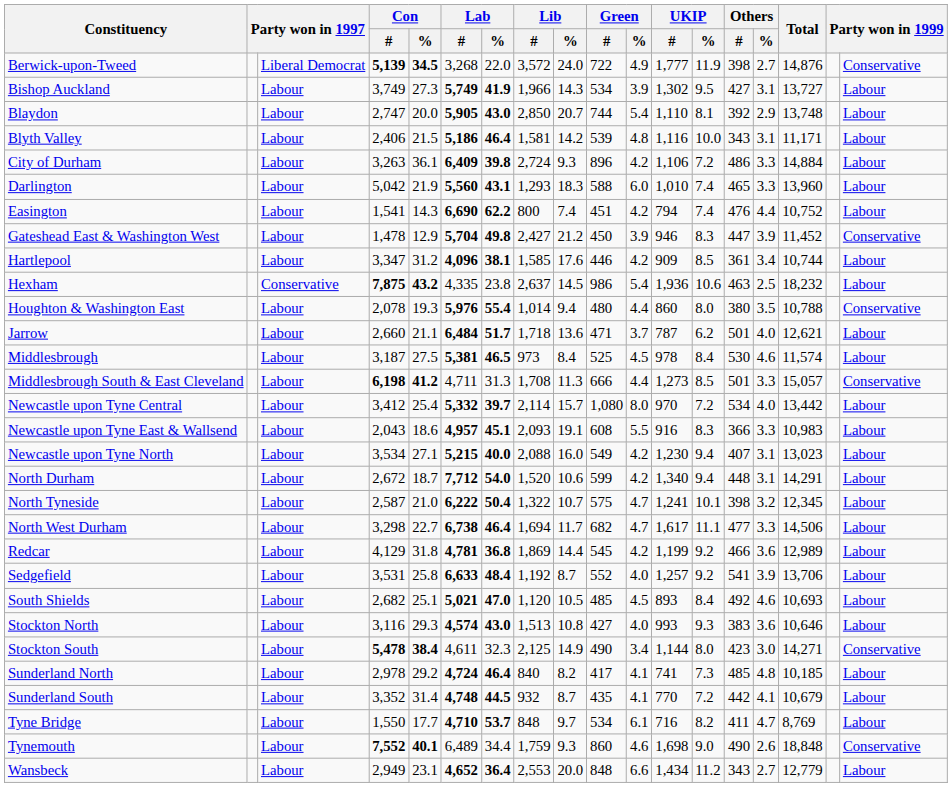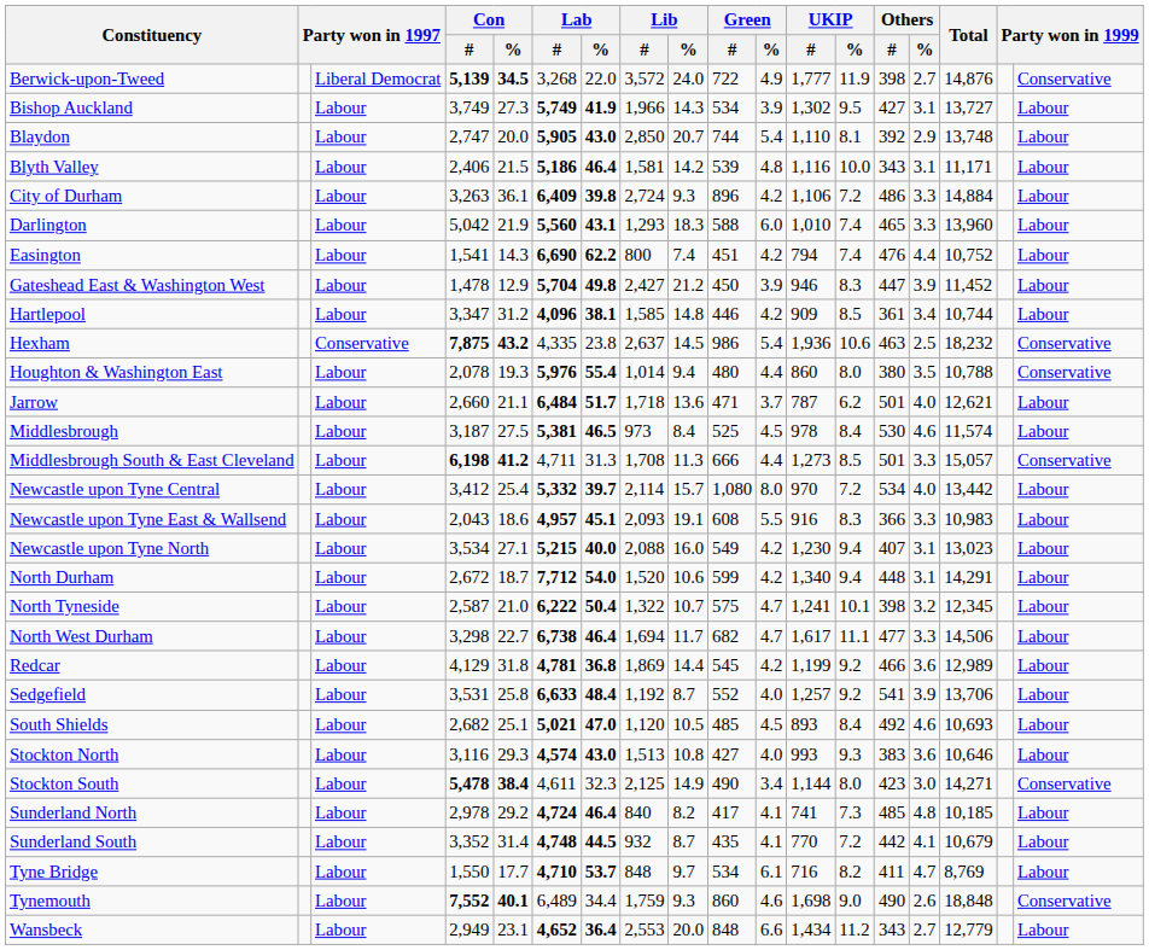 <table class="wikitable sortable" style="font-size: 95%;">
 <tr>
 <th rowspan="2">Constituency</th>
 <th colspan="2" rowspan="2">Party won in <a href='#'>1997</a></th>
 <th colspan="2"><a href='#'>Con</a></th>
 <th colspan="2"><a href='#'>Lab</a></th>
 <th colspan="2"><a href='#'>Lib</a></th>
 <th colspan="2"><a href='#'>Green</a></th>
 <th colspan="2"><a href='#'>UKIP</a></th>
 <th colspan="2">Others</th>
 <th rowspan="2">Total</th>
 <th colspan="2" rowspan="2">Party won in <a href='#'>1999</a></th>
 </tr>
 <tr>
 <th>#</th>
 <th>%</th>
 <th>#</th>
 <th>%</th>
 <th>#</th>
 <th>%</th>
 <th>#</th>
 <th>%</th>
 <th>#</th>
 <th>%</th>
 <th>#</th>
 <th>%</th>
 </tr>
 <tr>
 <td><a href='#'>Berwick-upon-Tweed</a></td>
 <td style="color:inherit;background:"></td>
 <td><a href='#'>Liberal Democrat</a></td>
 <td><strong>5,139</strong></td>
 <td><strong>34.5</strong></td>
 <td>3,268</td>
 <td>22.0</td>
 <td>3,572</td>
 <td>24.0</td>
 <td>722</td>
 <td>4.9</td>
 <td>1,777</td>
 <td>11.9</td>
 <td>398</td>
 <td>2.7</td>
 <td>14,876</td>
 <td style="color:inherit;background:"> </td>
 <td><a href='#'>Conservative</a></td>
 </tr>
 <tr>
 <td><a href='#'>Bishop Auckland</a></td>
 <td style="color:inherit;background:"> </td>
 <td><a href='#'>Labour</a></td>
 <td>3,749</td>
 <td>27.3</td>
 <td><strong>5,749</strong></td>
 <td><strong>41.9</strong></td>
 <td>1,966</td>
 <td>14.3</td>
 <td>534</td>
 <td>3.9</td>
 <td>1,302</td>
 <td>9.5</td>
 <td>427</td>
 <td>3.1</td>
 <td>13,727</td>
 <td style="color:inherit;background:"> </td>
 <td><a href='#'>Labour</a></td>
 </tr>
 <tr>
 <td><a href='#'>Blaydon</a></td>
 <td style="color:inherit;background:"> </td>
 <td><a href='#'>Labour</a></td>
 <td>2,747</td>
 <td>20.0</td>
 <td><strong>5,905</strong></td>
 <td><strong>43.0</strong></td>
 <td>2,850</td>
 <td>20.7</td>
 <td>744</td>
 <td>5.4</td>
 <td>1,110</td>
 <td>8.1</td>
 <td>392</td>
 <td>2.9</td>
 <td>13,748</td>
 <td style="color:inherit;background:"> </td>
 <td><a href='#'>Labour</a></td>
 </tr>
 <tr>
 <td><a href='#'>Blyth Valley</a></td>
 <td style="color:inherit;background:"> </td>
 <td><a href='#'>Labour</a></td>
 <td>2,406</td>
 <td>21.5</td>
 <td><strong>5,186</strong></td>
 <td><strong>46.4</strong></td>
 <td>1,581</td>
 <td>14.2</td>
 <td>539</td>
 <td>4.8</td>
 <td>1,116</td>
 <td>10.0</td>
 <td>343</td>
 <td>3.1</td>
 <td>11,171</td>
 <td style="color:inherit;background:"> </td>
 <td><a href='#'>Labour</a></td>
 </tr>
 <tr>
 <td><a href='#'>City of Durham</a></td>
 <td style="color:inherit;background:"> </td>
 <td><a href='#'>Labour</a></td>
 <td>3,263</td>
 <td>36.1</td>
 <td><strong>6,409</strong></td>
 <td><strong>39.8</strong></td>
 <td>2,724</td>
 <td>9.3</td>
 <td>896</td>
 <td>4.2</td>
 <td>1,106</td>
 <td>7.2</td>
 <td>486</td>
 <td>3.3</td>
 <td>14,884</td>
 <td style="color:inherit;background:"> </td>
 <td><a href='#'>Labour</a></td>
 </tr>
 <tr>
 <td><a href='#'>Darlington</a></td>
 <td style="color:inherit;background:"> </td>
 <td><a href='#'>Labour</a></td>
 <td>5,042</td>
 <td>21.9</td>
 <td><strong>5,560</strong></td>
 <td><strong>43.1</strong></td>
 <td>1,293</td>
 <td>18.3</td>
 <td>588</td>
 <td>6.0</td>
 <td>1,010</td>
 <td>7.4</td>
 <td>465</td>
 <td>3.3</td>
 <td>13,960</td>
 <td style="color:inherit;background:"> </td>
 <td><a href='#'>Labour</a></td>
 </tr>
 <tr>
 <td><a href='#'>Easington</a></td>
 <td style="color:inherit;background:"> </td>
 <td><a href='#'>Labour</a></td>
 <td>1,541</td>
 <td>14.3</td>
 <td><strong>6,690</strong></td>
 <td><strong>62.2</strong></td>
 <td>800</td>
 <td>7.4</td>
 <td>451</td>
 <td>4.2</td>
 <td>794</td>
 <td>7.4</td>
 <td>476</td>
 <td>4.4</td>
 <td>10,752</td>
 <td style="color:inherit;background:"> </td>
 <td><a href='#'>Labour</a></td>
 </tr>
 <tr>
 <td><a href='#'>Gateshead East & Washington West</a></td>
 <td style="color:inherit;background:"> </td>
 <td><a href='#'>Labour</a></td>
 <td>1,478</td>
 <td>12.9</td>
 <td><strong>5,704</strong></td>
 <td><strong>49.8</strong></td>
 <td>2,427</td>
 <td>21.2</td>
 <td>450</td>
 <td>3.9</td>
 <td>946</td>
 <td>8.3</td>
 <td>447</td>
 <td>3.9</td>
 <td>11,452</td>
 <td style="color:inherit;background:"> </td>
-<td><a href='#'>Conservative</a></td>
+<td><a href='#'>Labour</a></td>
 </tr>
 <tr>
 <td><a href='#'>Hartlepool</a></td>
 <td style="color:inherit;background:"> </td>
 <td><a href='#'>Labour</a></td>
 <td>3,347</td>
 <td>31.2</td>
 <td><strong>4,096</strong></td>
 <td><strong>38.1</strong></td>
 <td>1,585</td>
-<td>17.6</td>
+<td>14.8</td>
 <td>446</td>
 <td>4.2</td>
 <td>909</td>
 <td>8.5</td>
 <td>361</td>
 <td>3.4</td>
 <td>10,744</td>
 <td style="color:inherit;background:"> </td>
 <td><a href='#'>Labour</a></td>
 </tr>
 <tr>
 <td><a href='#'>Hexham</a></td>
 <td style="color:inherit;background:"> </td>
 <td><a href='#'>Conservative</a></td>
 <td><strong>7,875</strong></td>
 <td><strong>43.2</strong></td>
 <td>4,335</td>
 <td>23.8</td>
 <td>2,637</td>
 <td>14.5</td>
 <td>986</td>
 <td>5.4</td>
 <td>1,936</td>
 <td>10.6</td>
 <td>463</td>
 <td>2.5</td>
 <td>18,232</td>
 <td style="color:inherit;background:"> </td>
-<td><a href='#'>Labour</a></td>
+<td><a href='#'>Conservative</a></td>
 </tr>
 <tr>
 <td><a href='#'>Houghton & Washington East</a></td>
 <td style="color:inherit;background:"> </td>
 <td><a href='#'>Labour</a></td>
 <td>2,078</td>
 <td>19.3</td>
 <td><strong>5,976</strong></td>
 <td><strong>55.4</strong></td>
 <td>1,014</td>
 <td>9.4</td>
 <td>480</td>
 <td>4.4</td>
 <td>860</td>
 <td>8.0</td>
 <td>380</td>
 <td>3.5</td>
 <td>10,788</td>
 <td style="color:inherit;background:"> </td>
 <td><a href='#'>Conservative</a></td>
 </tr>
 <tr>
 <td><a href='#'>Jarrow</a></td>
 <td style="color:inherit;background:"> </td>
 <td><a href='#'>Labour</a></td>
 <td>2,660</td>
 <td>21.1</td>
 <td><strong>6,484</strong></td>
 <td><strong>51.7</strong></td>
 <td>1,718</td>
 <td>13.6</td>
 <td>471</td>
 <td>3.7</td>
 <td>787</td>
 <td>6.2</td>
 <td>501</td>
 <td>4.0</td>
 <td>12,621</td>
 <td style="color:inherit;background:"> </td>
 <td><a href='#'>Labour</a></td>
 </tr>
 <tr>
 <td><a href='#'>Middlesbrough</a></td>
 <td style="color:inherit;background:"> </td>
 <td><a href='#'>Labour</a></td>
 <td>3,187</td>
 <td>27.5</td>
 <td><strong>5,381</strong></td>
 <td><strong>46.5</strong></td>
 <td>973</td>
 <td>8.4</td>
 <td>525</td>
 <td>4.5</td>
 <td>978</td>
 <td>8.4</td>
 <td>530</td>
 <td>4.6</td>
 <td>11,574</td>
 <td style="color:inherit;background:"> </td>
 <td><a href='#'>Labour</a></td>
 </tr>
 <tr>
 <td><a href='#'>Middlesbrough South & East Cleveland</a></td>
 <td style="color:inherit;background:"> </td>
 <td><a href='#'>Labour</a></td>
 <td><strong>6,198</strong></td>
 <td><strong>41.2</strong></td>
 <td>4,711</td>
 <td>31.3</td>
 <td>1,708</td>
 <td>11.3</td>
 <td>666</td>
 <td>4.4</td>
 <td>1,273</td>
 <td>8.5</td>
 <td>501</td>
 <td>3.3</td>
 <td>15,057</td>
 <td style="color:inherit;background:"> </td>
 <td><a href='#'>Conservative</a></td>
 </tr>
 <tr>
 <td><a href='#'>Newcastle upon Tyne Central</a></td>
 <td style="color:inherit;background:"> </td>
 <td><a href='#'>Labour</a></td>
 <td>3,412</td>
 <td>25.4</td>
 <td><strong>5,332</strong></td>
 <td><strong>39.7</strong></td>
 <td>2,114</td>
 <td>15.7</td>
 <td>1,080</td>
 <td>8.0</td>
 <td>970</td>
 <td>7.2</td>
 <td>534</td>
 <td>4.0</td>
 <td>13,442</td>
 <td style="color:inherit;background:"> </td>
 <td><a href='#'>Labour</a></td>
 </tr>
 <tr>
 <td><a href='#'>Newcastle upon Tyne East & Wallsend</a></td>
 <td style="color:inherit;background:"> </td>
 <td><a href='#'>Labour</a></td>
 <td>2,043</td>
 <td>18.6</td>
 <td><strong>4,957</strong></td>
 <td><strong>45.1</strong></td>
 <td>2,093</td>
 <td>19.1</td>
 <td>608</td>
 <td>5.5</td>
 <td>916</td>
 <td>8.3</td>
 <td>366</td>
 <td>3.3</td>
 <td>10,983</td>
 <td style="color:inherit;background:"> </td>
 <td><a href='#'>Labour</a></td>
 </tr>
 <tr>
 <td><a href='#'>Newcastle upon Tyne North</a></td>
 <td style="color:inherit;background:"> </td>
 <td><a href='#'>Labour</a></td>
 <td>3,534</td>
 <td>27.1</td>
 <td><strong>5,215</strong></td>
 <td><strong>40.0</strong></td>
 <td>2,088</td>
 <td>16.0</td>
 <td>549</td>
 <td>4.2</td>
 <td>1,230</td>
 <td>9.4</td>
 <td>407</td>
 <td>3.1</td>
 <td>13,023</td>
 <td style="color:inherit;background:"> </td>
 <td><a href='#'>Labour</a></td>
 </tr>
 <tr>
 <td><a href='#'>North Durham</a></td>
 <td style="color:inherit;background:"> </td>
 <td><a href='#'>Labour</a></td>
 <td>2,672</td>
 <td>18.7</td>
 <td><strong>7,712</strong></td>
 <td><strong>54.0</strong></td>
 <td>1,520</td>
 <td>10.6</td>
 <td>599</td>
 <td>4.2</td>
 <td>1,340</td>
 <td>9.4</td>
 <td>448</td>
 <td>3.1</td>
 <td>14,291</td>
 <td style="color:inherit;background:"> </td>
 <td><a href='#'>Labour</a></td>
 </tr>
 <tr>
 <td><a href='#'>North Tyneside</a></td>
 <td style="color:inherit;background:"> </td>
 <td><a href='#'>Labour</a></td>
 <td>2,587</td>
 <td>21.0</td>
 <td><strong>6,222</strong></td>
 <td><strong>50.4</strong></td>
 <td>1,322</td>
 <td>10.7</td>
 <td>575</td>
 <td>4.7</td>
 <td>1,241</td>
 <td>10.1</td>
 <td>398</td>
 <td>3.2</td>
 <td>12,345</td>
 <td style="color:inherit;background:"> </td>
 <td><a href='#'>Labour</a></td>
 </tr>
 <tr>
 <td><a href='#'>North West Durham</a></td>
 <td style="color:inherit;background:"> </td>
 <td><a href='#'>Labour</a></td>
 <td>3,298</td>
 <td>22.7</td>
 <td><strong>6,738</strong></td>
 <td><strong>46.4</strong></td>
 <td>1,694</td>
 <td>11.7</td>
 <td>682</td>
 <td>4.7</td>
 <td>1,617</td>
 <td>11.1</td>
 <td>477</td>
 <td>3.3</td>
 <td>14,506</td>
 <td style="color:inherit;background:"> </td>
 <td><a href='#'>Labour</a></td>
 </tr>
 <tr>
 <td><a href='#'>Redcar</a></td>
 <td style="color:inherit;background:"> </td>
 <td><a href='#'>Labour</a></td>
 <td>4,129</td>
 <td>31.8</td>
 <td><strong>4,781</strong></td>
 <td><strong>36.8</strong></td>
 <td>1,869</td>
 <td>14.4</td>
 <td>545</td>
 <td>4.2</td>
 <td>1,199</td>
 <td>9.2</td>
 <td>466</td>
 <td>3.6</td>
 <td>12,989</td>
 <td style="color:inherit;background:"> </td>
 <td><a href='#'>Labour</a></td>
 </tr>
 <tr>
 <td><a href='#'>Sedgefield</a></td>
 <td style="color:inherit;background:"> </td>
 <td><a href='#'>Labour</a></td>
 <td>3,531</td>
 <td>25.8</td>
 <td><strong>6,633</strong></td>
 <td><strong>48.4</strong></td>
 <td>1,192</td>
 <td>8.7</td>
 <td>552</td>
 <td>4.0</td>
 <td>1,257</td>
 <td>9.2</td>
 <td>541</td>
 <td>3.9</td>
 <td>13,706</td>
 <td style="color:inherit;background:"> </td>
 <td><a href='#'>Labour</a></td>
 </tr>
 <tr>
 <td><a href='#'>South Shields</a></td>
 <td style="color:inherit;background:"> </td>
 <td><a href='#'>Labour</a></td>
 <td>2,682</td>
 <td>25.1</td>
 <td><strong>5,021</strong></td>
 <td><strong>47.0</strong></td>
 <td>1,120</td>
 <td>10.5</td>
 <td>485</td>
 <td>4.5</td>
 <td>893</td>
 <td>8.4</td>
 <td>492</td>
 <td>4.6</td>
 <td>10,693</td>
 <td style="color:inherit;background:"> </td>
 <td><a href='#'>Labour</a></td>
 </tr>
 <tr>
 <td><a href='#'>Stockton North</a></td>
 <td style="color:inherit;background:"> </td>
 <td><a href='#'>Labour</a></td>
 <td>3,116</td>
 <td>29.3</td>
 <td><strong>4,574</strong></td>
 <td><strong>43.0</strong></td>
 <td>1,513</td>
 <td>10.8</td>
 <td>427</td>
 <td>4.0</td>
 <td>993</td>
 <td>9.3</td>
 <td>383</td>
 <td>3.6</td>
 <td>10,646</td>
 <td style="color:inherit;background:"> </td>
 <td><a href='#'>Labour</a></td>
 </tr>
 <tr>
 <td><a href='#'>Stockton South</a></td>
 <td style="color:inherit;background:"> </td>
 <td><a href='#'>Labour</a></td>
 <td><strong>5,478</strong></td>
 <td><strong>38.4</strong></td>
 <td>4,611</td>
 <td>32.3</td>
 <td>2,125</td>
 <td>14.9</td>
 <td>490</td>
 <td>3.4</td>
 <td>1,144</td>
 <td>8.0</td>
 <td>423</td>
 <td>3.0</td>
 <td>14,271</td>
 <td style="color:inherit;background:"> </td>
 <td><a href='#'>Conservative</a></td>
 </tr>
 <tr>
 <td><a href='#'>Sunderland North</a></td>
 <td style="color:inherit;background:"> </td>
 <td><a href='#'>Labour</a></td>
 <td>2,978</td>
 <td>29.2</td>
 <td><strong>4,724</strong></td>
 <td><strong>46.4</strong></td>
 <td>840</td>
 <td>8.2</td>
 <td>417</td>
 <td>4.1</td>
 <td>741</td>
 <td>7.3</td>
 <td>485</td>
 <td>4.8</td>
 <td>10,185</td>
 <td style="color:inherit;background:"> </td>
 <td><a href='#'>Labour</a></td>
 </tr>
 <tr>
 <td><a href='#'>Sunderland South</a></td>
 <td style="color:inherit;background:"> </td>
 <td><a href='#'>Labour</a></td>
 <td>3,352</td>
 <td>31.4</td>
 <td><strong>4,748</strong></td>
 <td><strong>44.5</strong></td>
 <td>932</td>
 <td>8.7</td>
 <td>435</td>
 <td>4.1</td>
 <td>770</td>
 <td>7.2</td>
 <td>442</td>
 <td>4.1</td>
 <td>10,679</td>
 <td style="color:inherit;background:"> </td>
 <td><a href='#'>Labour</a></td>
 </tr>
 <tr>
 <td><a href='#'>Tyne Bridge</a></td>
 <td style="color:inherit;background:"> </td>
 <td><a href='#'>Labour</a></td>
 <td>1,550</td>
 <td>17.7</td>
 <td><strong>4,710</strong></td>
 <td><strong>53.7</strong></td>
 <td>848</td>
 <td>9.7</td>
 <td>534</td>
 <td>6.1</td>
 <td>716</td>
 <td>8.2</td>
 <td>411</td>
 <td>4.7</td>
 <td>8,769</td>
 <td style="color:inherit;background:"> </td>
 <td><a href='#'>Labour</a></td>
 </tr>
 <tr>
 <td><a href='#'>Tynemouth</a></td>
 <td style="color:inherit;background:"> </td>
 <td><a href='#'>Labour</a></td>
 <td><strong>7,552</strong></td>
 <td><strong>40.1</strong></td>
 <td>6,489</td>
 <td>34.4</td>
 <td>1,759</td>
 <td>9.3</td>
 <td>860</td>
 <td>4.6</td>
 <td>1,698</td>
 <td>9.0</td>
 <td>490</td>
 <td>2.6</td>
 <td>18,848</td>
 <td style="color:inherit;background:"> </td>
 <td><a href='#'>Conservative</a></td>
 </tr>
 <tr>
 <td><a href='#'>Wansbeck</a></td>
 <td style="color:inherit;background:"> </td>
 <td><a href='#'>Labour</a></td>
 <td>2,949</td>
 <td>23.1</td>
 <td><strong>4,652</strong></td>
 <td><strong>36.4</strong></td>
 <td>2,553</td>
 <td>20.0</td>
 <td>848</td>
 <td>6.6</td>
 <td>1,434</td>
 <td>11.2</td>
 <td>343</td>
 <td>2.7</td>
 <td>12,779</td>
 <td style="color:inherit;background:"> </td>
 <td><a href='#'>Labour</a></td>
 </tr>
 </table>
